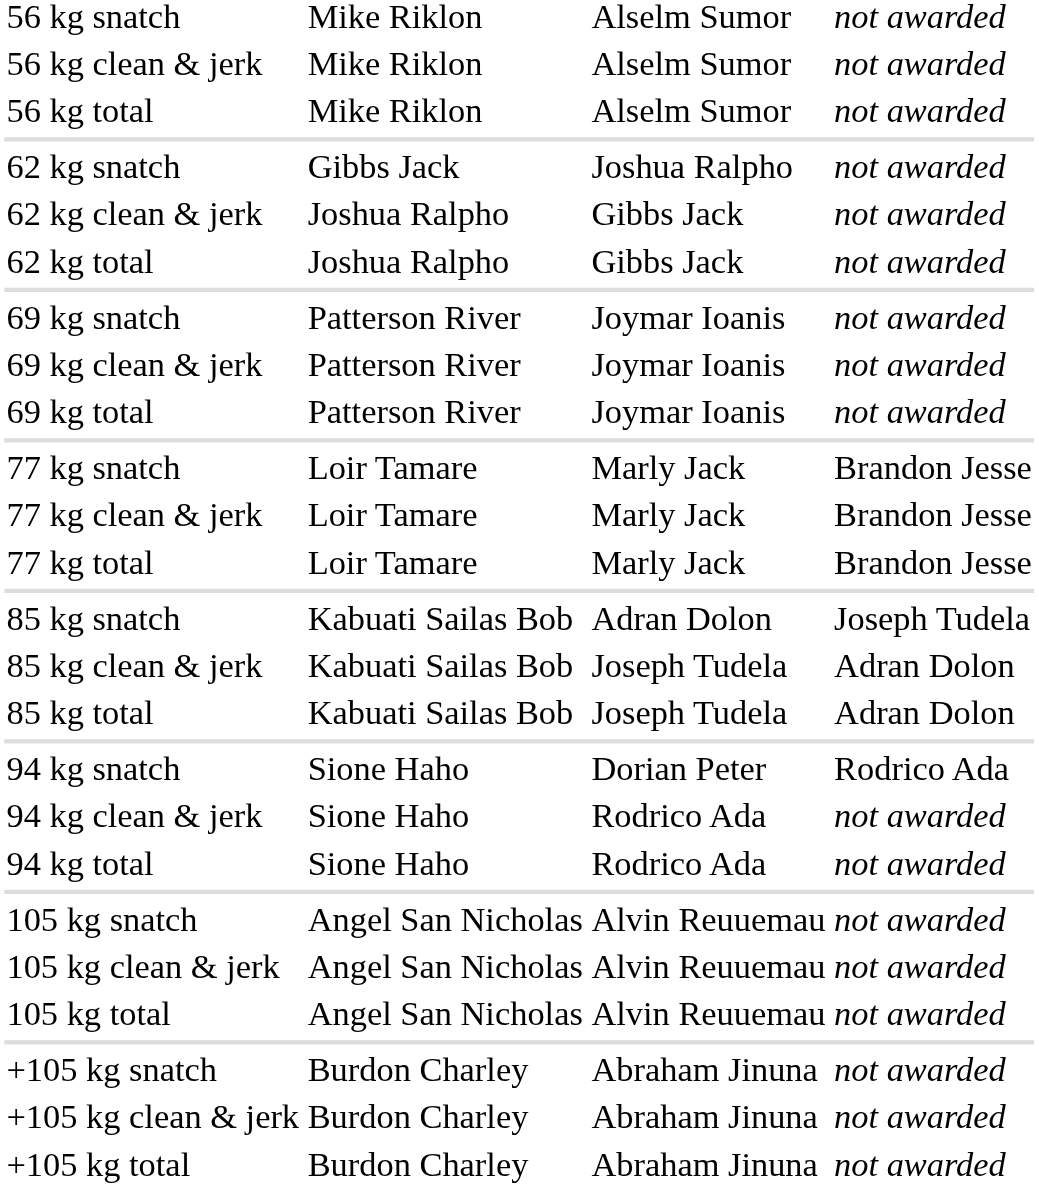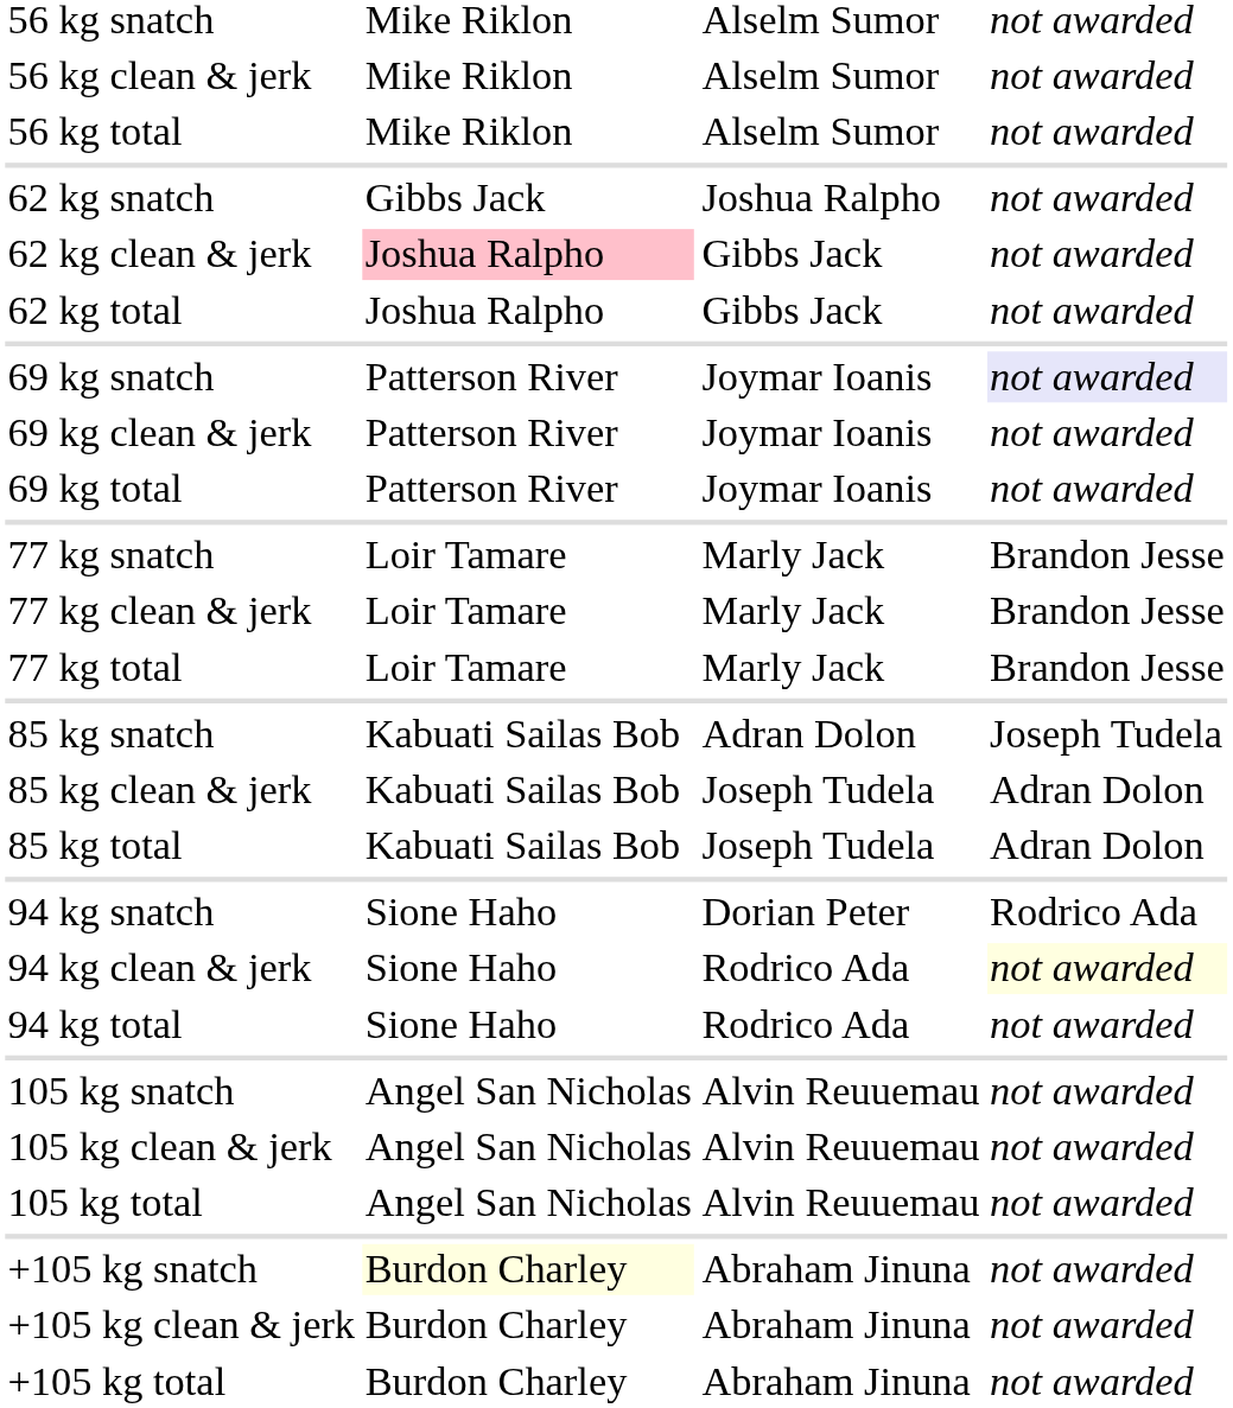 <table>
 <tr>
 <td>56 kg snatch</td>
 <td>Mike Riklon<br></td>
 <td>Alselm Sumor<br></td>
 <td><em>not awarded</em></td>
 </tr>
 <tr>
 <td>56 kg clean & jerk</td>
 <td>Mike Riklon<br></td>
 <td>Alselm Sumor<br></td>
 <td><em>not awarded</em></td>
 </tr>
 <tr>
 <td>56 kg total</td>
 <td>Mike Riklon<br></td>
 <td>Alselm Sumor<br></td>
 <td><em>not awarded</em></td>
 </tr>
 <tr bgcolor=#dddddd>
 <td colspan=4></td>
 </tr>
 <tr>
 <td>62 kg snatch</td>
 <td>Gibbs Jack<br></td>
 <td>Joshua Ralpho<br></td>
 <td><em>not awarded</em></td>
 </tr>
 <tr>
 <td>62 kg clean & jerk</td>
-<td>Joshua Ralpho<br></td>
+<td style="background: pink;">Joshua Ralpho<br></td>
 <td>Gibbs Jack<br></td>
 <td><em>not awarded</em></td>
 </tr>
 <tr>
 <td>62 kg total</td>
 <td>Joshua Ralpho<br></td>
 <td>Gibbs Jack<br></td>
 <td><em>not awarded</em></td>
 </tr>
 <tr bgcolor=#dddddd>
 <td colspan=4></td>
 </tr>
 <tr>
 <td>69 kg snatch</td>
 <td>Patterson River<br></td>
 <td>Joymar Ioanis<br></td>
-<td><em>not awarded</em></td>
+<td style="background: lavender;"><em>not awarded</em></td>
 </tr>
 <tr>
 <td>69 kg clean & jerk</td>
 <td>Patterson River<br></td>
 <td>Joymar Ioanis<br></td>
 <td><em>not awarded</em></td>
 </tr>
 <tr>
 <td>69 kg total</td>
 <td>Patterson River<br></td>
 <td>Joymar Ioanis<br></td>
 <td><em>not awarded</em></td>
 </tr>
 <tr bgcolor=#dddddd>
 <td colspan=4></td>
 </tr>
 <tr>
 <td>77 kg snatch</td>
 <td>Loir Tamare<br></td>
 <td>Marly Jack<br></td>
 <td>Brandon Jesse<br></td>
 </tr>
 <tr>
 <td>77 kg clean & jerk</td>
 <td>Loir Tamare<br></td>
 <td>Marly Jack<br></td>
 <td>Brandon Jesse<br></td>
 </tr>
 <tr>
 <td>77 kg total</td>
 <td>Loir Tamare<br></td>
 <td>Marly Jack<br></td>
 <td>Brandon Jesse<br></td>
 </tr>
 <tr bgcolor=#dddddd>
 <td colspan=4></td>
 </tr>
 <tr>
 <td>85 kg snatch</td>
 <td>Kabuati Sailas Bob<br></td>
 <td>Adran Dolon<br></td>
 <td>Joseph Tudela<br></td>
 </tr>
 <tr>
 <td>85 kg clean & jerk</td>
 <td>Kabuati Sailas Bob<br></td>
 <td>Joseph Tudela<br></td>
 <td>Adran Dolon<br></td>
 </tr>
 <tr>
 <td>85 kg total</td>
 <td>Kabuati Sailas Bob<br></td>
 <td>Joseph Tudela<br></td>
 <td>Adran Dolon<br></td>
 </tr>
 <tr bgcolor=#dddddd>
 <td colspan=4></td>
 </tr>
 <tr>
 <td>94 kg snatch</td>
 <td>Sione Haho<br></td>
 <td>Dorian Peter<br></td>
 <td nowrap>Rodrico Ada<br></td>
 </tr>
 <tr>
 <td>94 kg clean & jerk</td>
 <td>Sione Haho<br></td>
 <td nowrap>Rodrico Ada<br></td>
-<td><em>not awarded</em></td>
+<td style="background: lightyellow;"><em>not awarded</em></td>
 </tr>
 <tr>
 <td>94 kg total</td>
 <td>Sione Haho<br></td>
 <td>Rodrico Ada<br></td>
 <td><em>not awarded</em></td>
 </tr>
 <tr bgcolor=#dddddd>
 <td colspan=4></td>
 </tr>
 <tr>
 <td>105 kg snatch</td>
 <td nowrap>Angel San Nicholas<br></td>
 <td>Alvin Reuuemau<br></td>
 <td><em>not awarded</em></td>
 </tr>
 <tr>
 <td>105 kg clean & jerk</td>
 <td>Angel San Nicholas<br></td>
 <td>Alvin Reuuemau<br></td>
 <td><em>not awarded</em></td>
 </tr>
 <tr>
 <td>105 kg total</td>
 <td>Angel San Nicholas<br></td>
 <td>Alvin Reuuemau<br></td>
 <td><em>not awarded</em></td>
 </tr>
 <tr bgcolor=#dddddd>
 <td colspan=4></td>
 </tr>
 <tr>
 <td>+105 kg snatch</td>
-<td>Burdon Charley<br></td>
+<td style="background: lightyellow;">Burdon Charley<br></td>
 <td>Abraham Jinuna<br></td>
 <td><em>not awarded</em></td>
 </tr>
 <tr>
 <td>+105 kg clean & jerk</td>
 <td>Burdon Charley<br></td>
 <td>Abraham Jinuna<br></td>
 <td><em>not awarded</em></td>
 </tr>
 <tr>
 <td>+105 kg total</td>
 <td>Burdon Charley<br></td>
 <td>Abraham Jinuna<br></td>
 <td><em>not awarded</em></td>
 </tr>
 </table>
